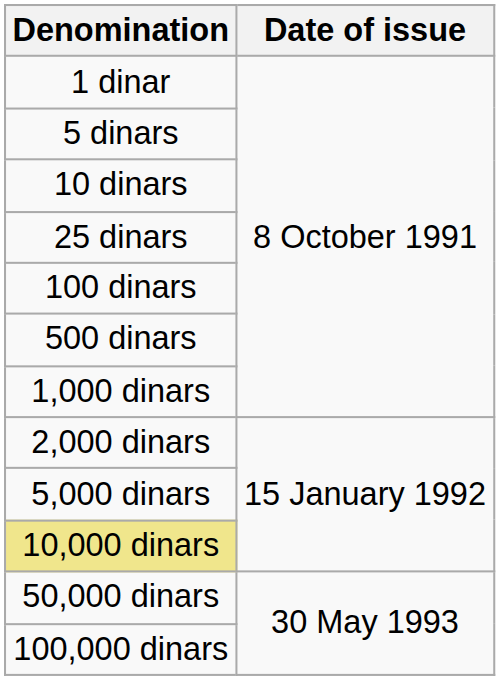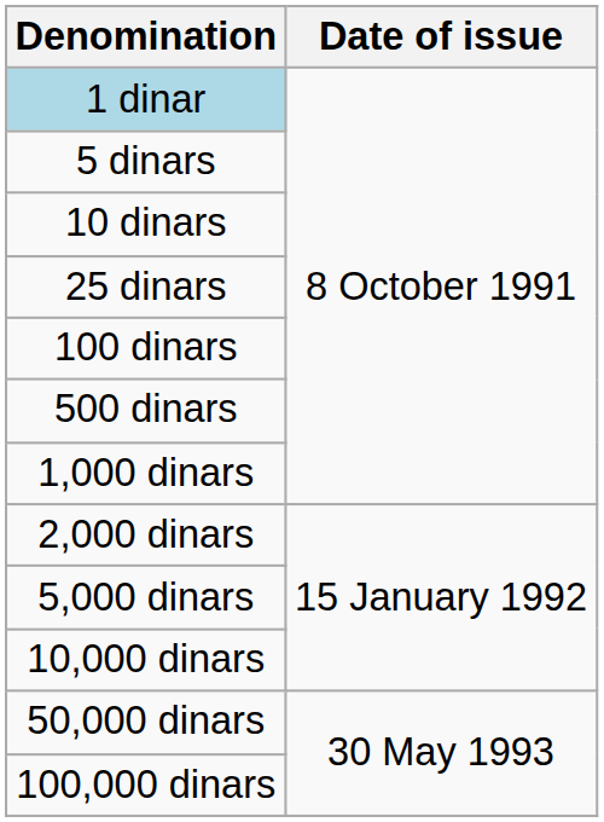 <table class="wikitable" style="text-align:center">
 <tr ->
 <th>Denomination</th>
 <th>Date of issue</th>
 </tr>
 <tr ->
-<td>1 dinar</td>
+<td style="background: lightblue;">1 dinar</td>
 <td rowspan="7" style="text-align:center;">8 October 1991</td>
 </tr>
 <tr ->
 <td>5 dinars</td>
 </tr>
 <tr ->
 <td>10 dinars</td>
 </tr>
 <tr ->
 <td>25 dinars</td>
 </tr>
 <tr ->
 <td>100 dinars</td>
 </tr>
 <tr ->
 <td>500 dinars</td>
 </tr>
 <tr ->
 <td>1,000 dinars</td>
 </tr>
 <tr ->
 <td>2,000 dinars</td>
 <td rowspan="3" style="text-align:center;">15 January 1992</td>
 </tr>
 <tr ->
 <td>5,000 dinars</td>
 </tr>
 <tr ->
-<td style="background: khaki;">10,000 dinars</td>
+<td>10,000 dinars</td>
 </tr>
 <tr ->
 <td>50,000 dinars</td>
 <td rowspan="2" style="text-align:center;">30 May 1993</td>
 </tr>
 <tr ->
 <td>100,000 dinars</td>
 </tr>
 </table>
